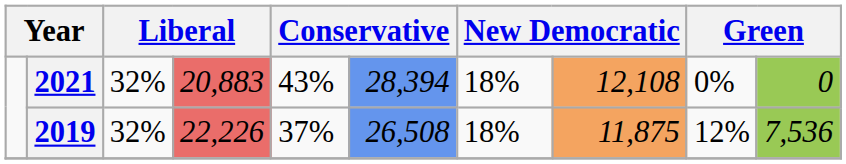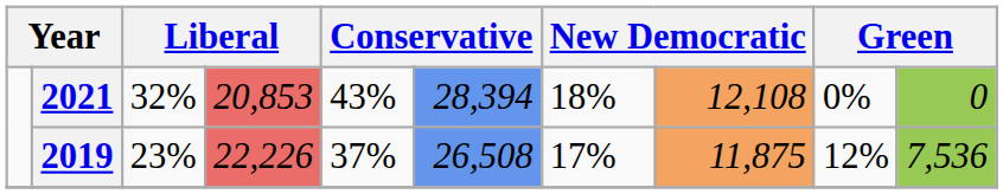 <table class="wikitable" style="float:right; width:400; font-size:90%; margin-left:1em;">
 <tr>
 <th colspan="2" scope="col">Year</th>
 <th colspan="2" scope="col"><a href='#'>Liberal</a></th>
 <th colspan="2" scope="col"><a href='#'>Conservative</a></th>
 <th colspan="2" scope="col"><a href='#'>New Democratic</a></th>
 <th colspan="2" scope="col"><a href='#'>Green</a></th>
 </tr>
 <tr>
 <td rowspan="2" style="width: 0.25em; background-color: "></td>
 <th><a href='#'>2021</a></th>
 <td>32%</td>
-<td style="text-align:right; background:#EA6D6A;"><em>20,883</em></td>
+<td style="text-align:right; background:#EA6D6A;"><em>20,853</em></td>
 <td>43%</td>
 <td style="text-align:right; background:#6495ED;"><em>28,394</em></td>
 <td>18%</td>
 <td style="text-align:right; background:#F4A460;"><em>12,108</em></td>
 <td>0%</td>
 <td style="text-align:right; background:#99C955;"><em>0</em></td>
 </tr>
 <tr>
 <th><a href='#'>2019</a></th>
-<td>32%</td>
+<td>23%</td>
 <td style="text-align:right; background:#EA6D6A;"><em>22,226</em></td>
 <td>37%</td>
 <td style="text-align:right; background:#6495ED;"><em>26,508</em></td>
-<td>18%</td>
+<td>17%</td>
 <td style="text-align:right; background:#F4A460;"><em>11,875</em></td>
 <td>12%</td>
 <td style="text-align:right; background:#99C955;"><em>7,536</em></td>
 </tr>
 <tr>
 </tr>
 </table>
